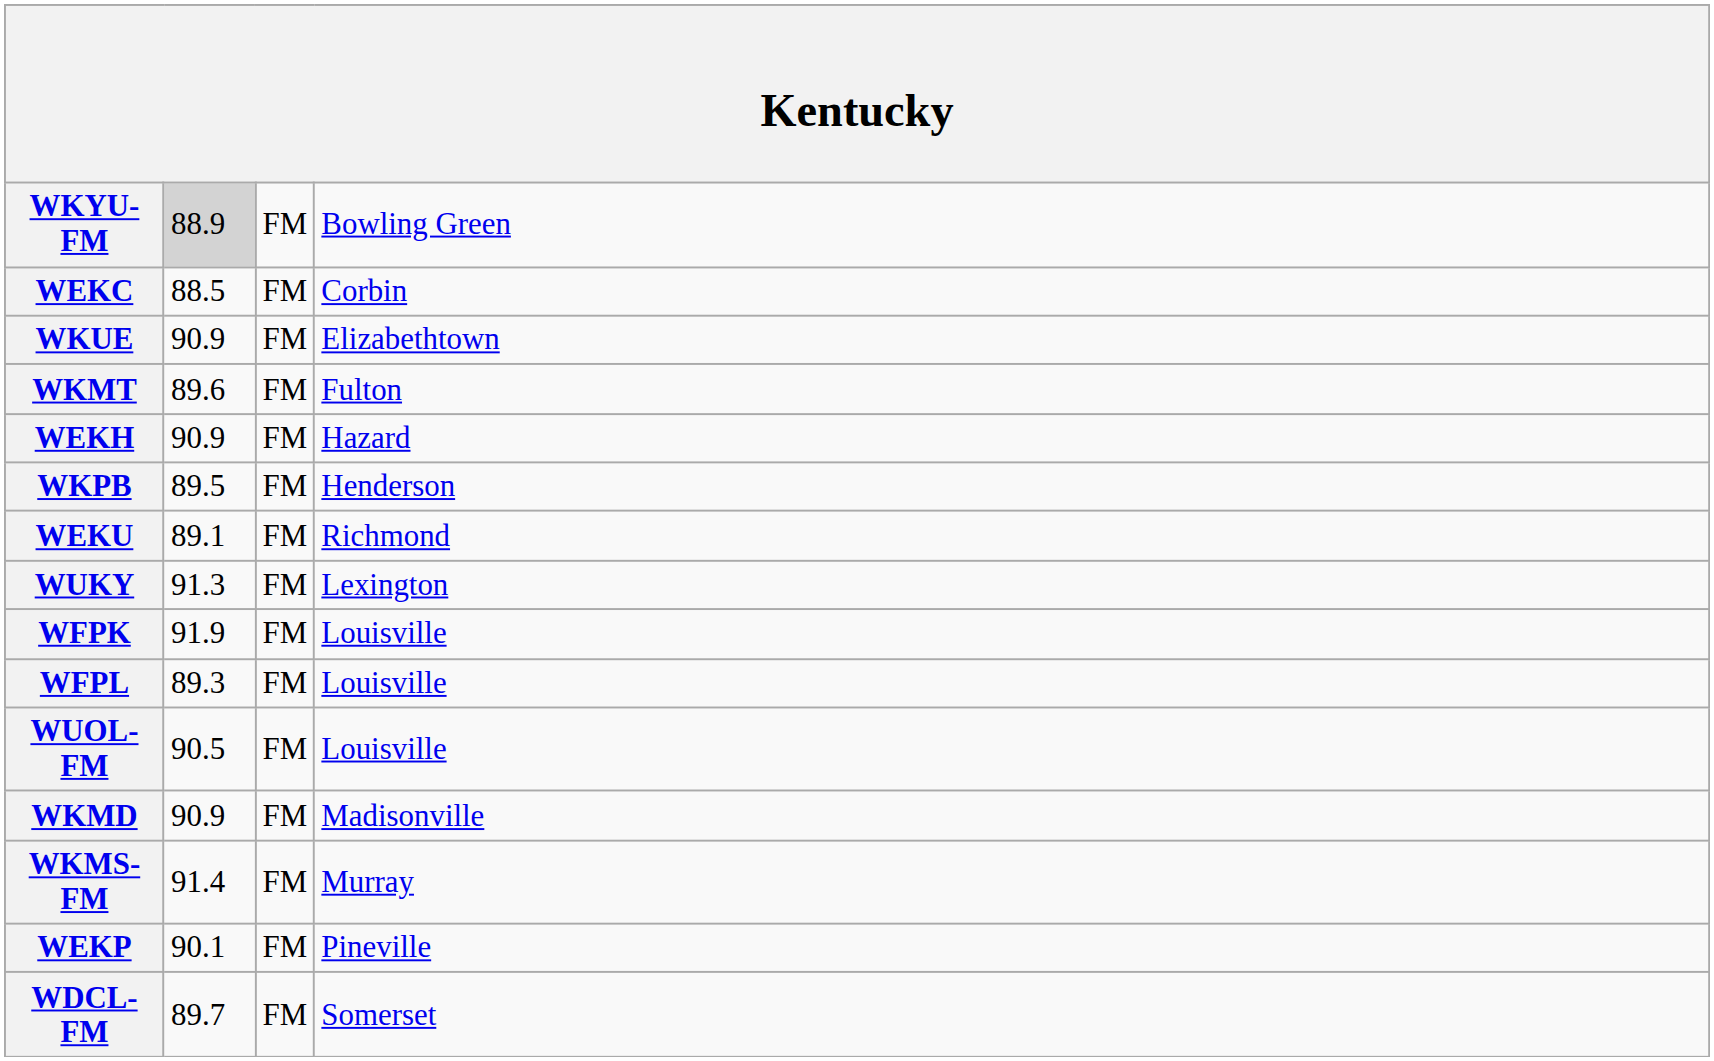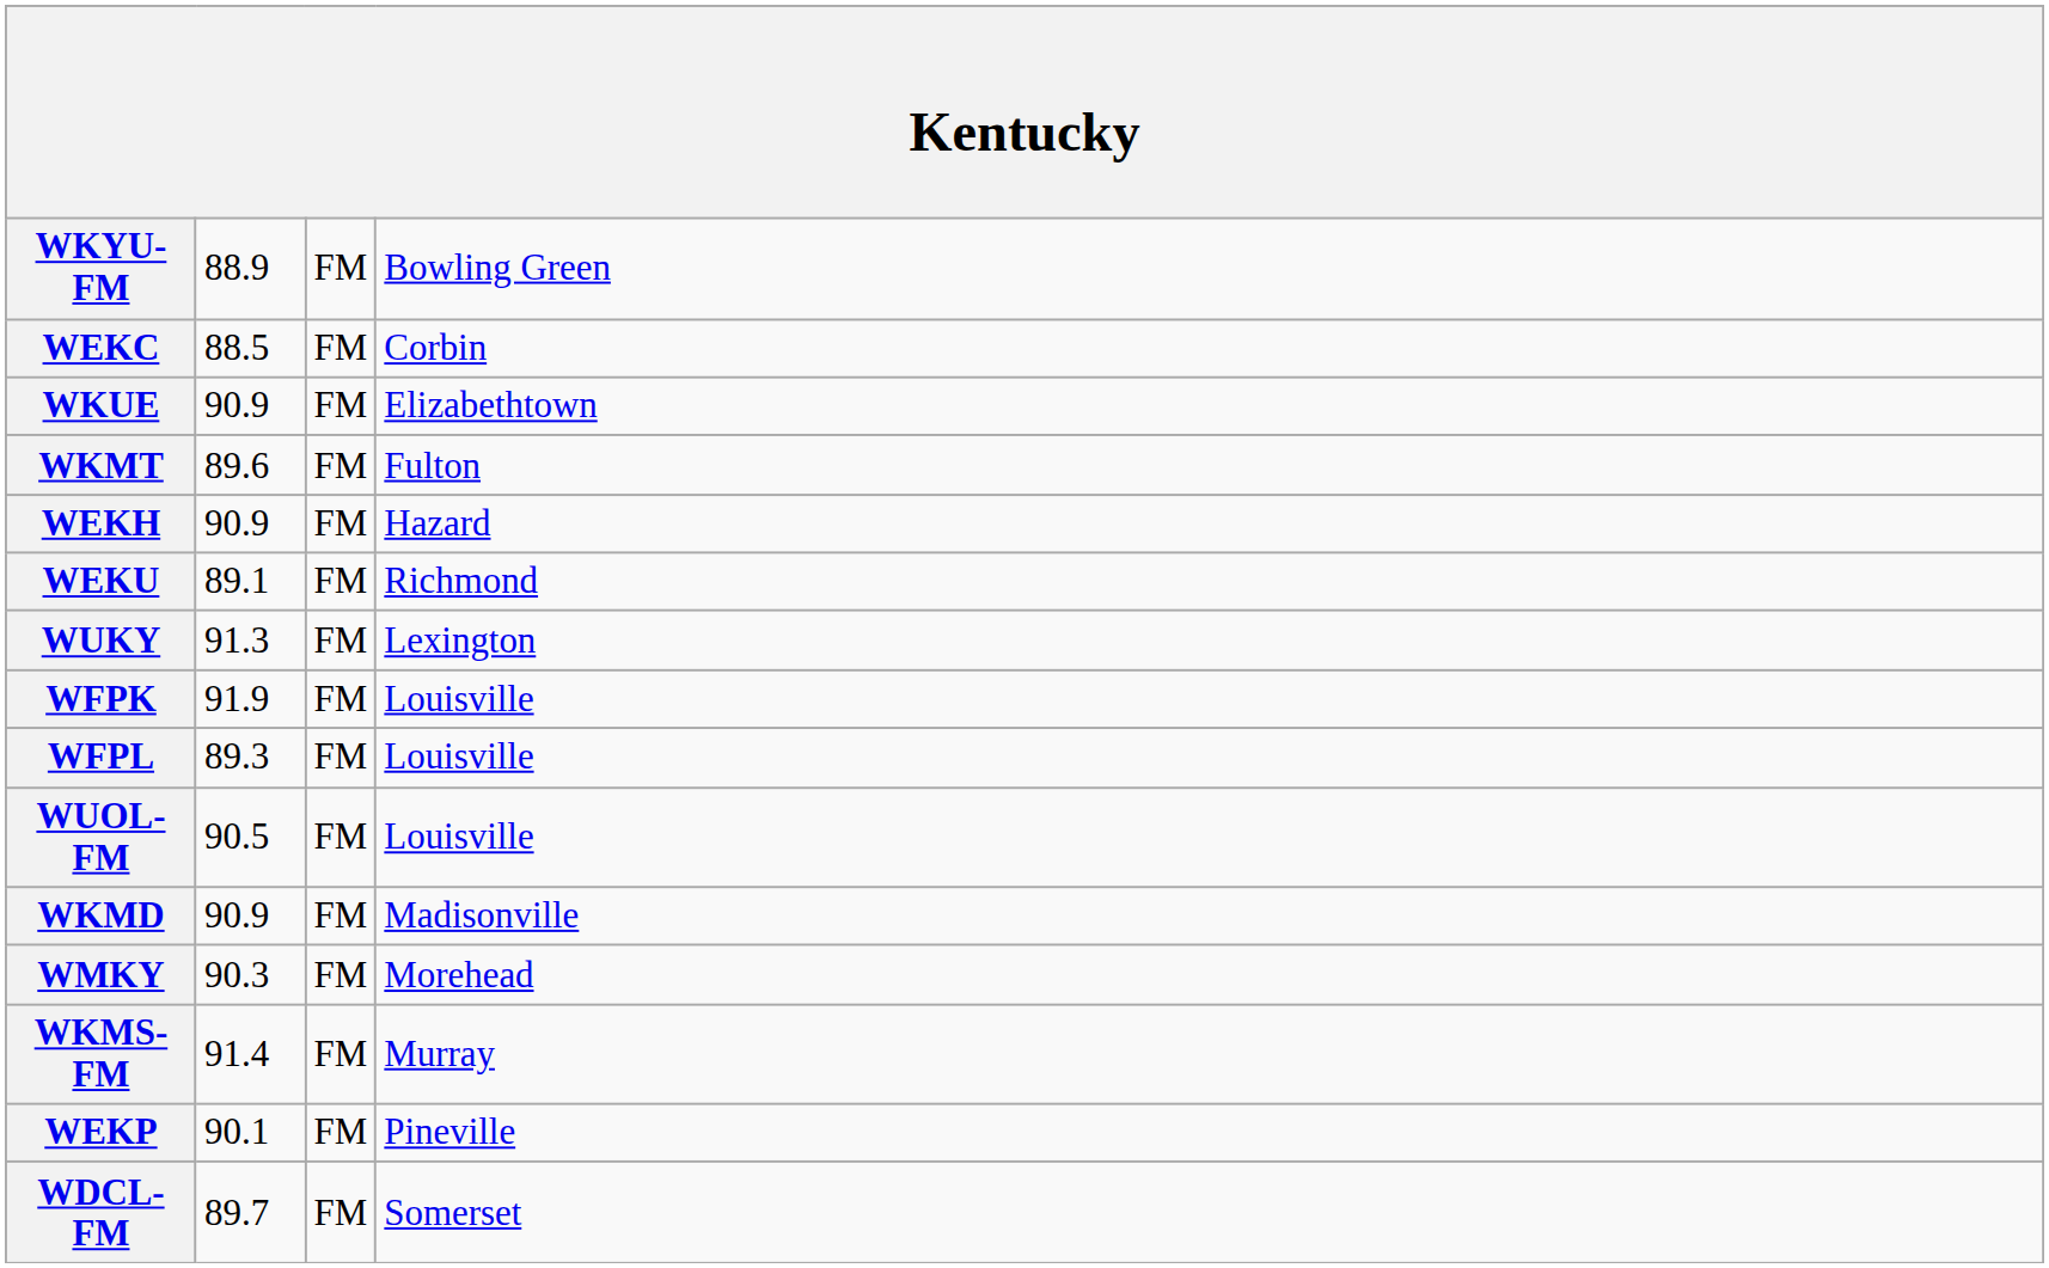 <table class="wikitable mw-collapsible" style="width:100%">
 <tr>
 <th scope="col" colspan="4"><br><h2>Kentucky</h2></th>
 </tr>
 <tr>
 <th scope="row" style="width: 75px;"><a href='#'>WKYU-FM</a></th>
-<td style="background: lightgrey; width: 40px;">88.9</td>
+<td style="width: 40px;">88.9</td>
 <td style="width: 21px;">FM</td>
 <td><a href='#'>Bowling Green</a></td>
 </tr>
 <tr>
 <th scope="row"><a href='#'>WEKC</a></th>
 <td>88.5</td>
 <td>FM</td>
 <td><a href='#'>Corbin</a></td>
 </tr>
 <tr>
 <th scope="row"><a href='#'>WKUE</a></th>
 <td>90.9</td>
 <td>FM</td>
 <td><a href='#'>Elizabethtown</a></td>
 </tr>
 <tr>
 <th scope="row"><a href='#'>WKMT</a></th>
 <td>89.6</td>
 <td>FM</td>
 <td><a href='#'>Fulton</a></td>
 </tr>
 <tr>
 <th scope="row"><a href='#'>WEKH</a></th>
 <td>90.9</td>
 <td>FM</td>
 <td><a href='#'>Hazard</a></td>
-</tr>
-<tr>
-<th scope="row"><a href='#'>WKPB</a></th>
-<td>89.5</td>
-<td>FM</td>
-<td><a href='#'>Henderson</a></td>
 </tr>
 <tr>
 <th scope="row"><a href='#'>WEKU</a></th>
 <td>89.1</td>
 <td>FM</td>
 <td><a href='#'>Richmond</a></td>
 </tr>
 <tr>
 <th scope="row"><a href='#'>WUKY</a></th>
 <td>91.3</td>
 <td>FM</td>
 <td><a href='#'>Lexington</a></td>
 </tr>
 <tr>
 <th scope="row"><a href='#'>WFPK</a></th>
 <td>91.9</td>
 <td>FM</td>
 <td><a href='#'>Louisville</a></td>
 </tr>
 <tr>
 <th scope="row"><a href='#'>WFPL</a></th>
 <td>89.3</td>
 <td>FM</td>
 <td><a href='#'>Louisville</a></td>
 </tr>
 <tr>
 <th scope="row"><a href='#'>WUOL-FM</a></th>
 <td>90.5</td>
 <td>FM</td>
 <td><a href='#'>Louisville</a></td>
 </tr>
 <tr>
 <th scope="row"><a href='#'>WKMD</a></th>
 <td>90.9</td>
 <td>FM</td>
 <td><a href='#'>Madisonville</a></td>
 </tr>
 <tr>
+<th scope="row"><a href='#'>WMKY</a></th>
+<td>90.3</td>
+<td>FM</td>
+<td><a href='#'>Morehead</a></td>
+</tr>
+<tr>
 <th scope="row"><a href='#'>WKMS-FM</a></th>
 <td>91.4</td>
 <td>FM</td>
 <td><a href='#'>Murray</a></td>
 </tr>
 <tr>
 <th scope="row"><a href='#'>WEKP</a></th>
 <td>90.1</td>
 <td>FM</td>
 <td><a href='#'>Pineville</a></td>
 </tr>
 <tr>
 <th scope="row"><a href='#'>WDCL-FM</a></th>
 <td>89.7</td>
 <td>FM</td>
 <td><a href='#'>Somerset</a></td>
 </tr>
 </table>
